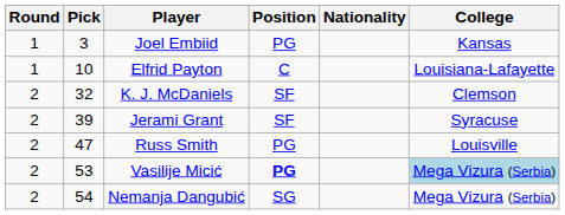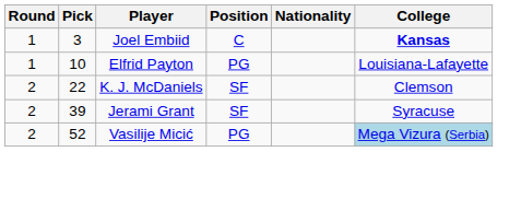 <table class="wikitable sortable sortable">
 <tr>
 <th>Round</th>
 <th>Pick</th>
 <th>Player</th>
 <th>Position</th>
 <th>Nationality</th>
 <th>College</th>
 </tr>
 <tr style="text-align: center">
 <td>1</td>
 <td>3</td>
 <td><a href='#'>Joel Embiid</a></td>
-<td><a href='#'>PG</a></td>
+<td><a href='#'>C</a></td>
 <td></td>
-<td><a href='#'>Kansas</a></td>
+<td><strong><a href='#'>Kansas</a></strong></td>
 </tr>
 <tr style="text-align: center">
 <td>1</td>
 <td>10</td>
 <td><a href='#'>Elfrid Payton</a></td>
-<td><a href='#'>C</a></td>
+<td><a href='#'>PG</a></td>
 <td></td>
 <td><a href='#'>Louisiana-Lafayette</a></td>
 </tr>
 <tr style="text-align: center">
 <td>2</td>
-<td>32</td>
+<td>22</td>
 <td><a href='#'>K. J. McDaniels</a></td>
 <td><a href='#'>SF</a></td>
 <td></td>
 <td><a href='#'>Clemson</a></td>
 </tr>
 <tr style="text-align: center">
 <td>2</td>
 <td>39</td>
 <td><a href='#'>Jerami Grant</a></td>
 <td><a href='#'>SF</a></td>
 <td></td>
 <td><a href='#'>Syracuse</a></td>
 </tr>
 <tr style="text-align: center">
 <td>2</td>
-<td>47</td>
-<td><a href='#'>Russ Smith</a></td>
+<td>52</td>
+<td><a href='#'>Vasilije Micić</a></td>
 <td><a href='#'>PG</a></td>
-<td></td>
-<td><a href='#'>Louisville</a></td>
-</tr>
-<tr style="text-align: center">
-<td>2</td>
-<td>53</td>
-<td><a href='#'>Vasilije Micić</a></td>
-<td><strong><a href='#'>PG</a></strong></td>
 <td></td>
 <td style="background: lightblue;"><a href='#'>Mega Vizura</a> <small>(<a href='#'>Serbia</a>)</small></td>
 </tr>
-<tr style="text-align: center">
-<td>2</td>
-<td>54</td>
-<td><a href='#'>Nemanja Dangubić</a></td>
-<td><a href='#'>SG</a></td>
-<td></td>
-<td><a href='#'>Mega Vizura</a> <small>(<a href='#'>Serbia</a>)</small></td>
-</tr>
 </table>
